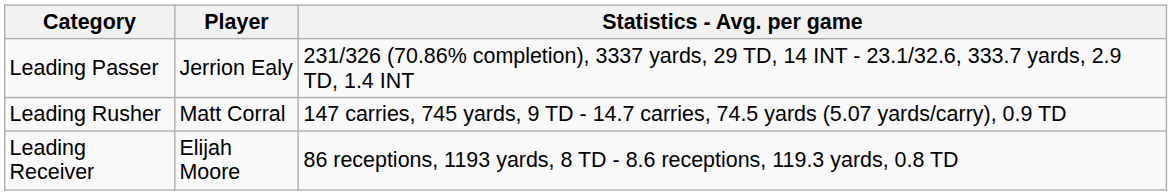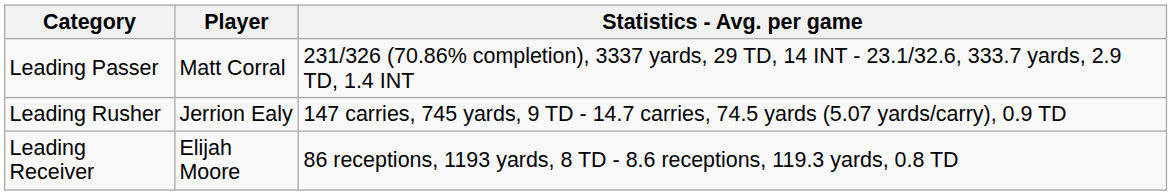 <table class="wikitable" style="float: left;">
 <tr>
 <th>Category</th>
 <th>Player</th>
 <th>Statistics - Avg. per game</th>
 </tr>
 <tr>
 <td>Leading Passer</td>
-<td>Jerrion Ealy</td>
+<td>Matt Corral</td>
 <td>231/326 (70.86% completion), 3337 yards, 29 TD, 14 INT - 23.1/32.6, 333.7 yards, 2.9 TD, 1.4 INT</td>
 </tr>
 <tr>
 <td>Leading Rusher</td>
-<td>Matt Corral</td>
+<td>Jerrion Ealy</td>
 <td>147 carries, 745 yards, 9 TD - 14.7 carries, 74.5 yards (5.07 yards/carry), 0.9 TD</td>
 </tr>
 <tr>
 <td>Leading Receiver</td>
 <td>Elijah Moore</td>
 <td>86 receptions, 1193 yards, 8 TD - 8.6 receptions, 119.3 yards, 0.8 TD</td>
 </tr>
 </table>
